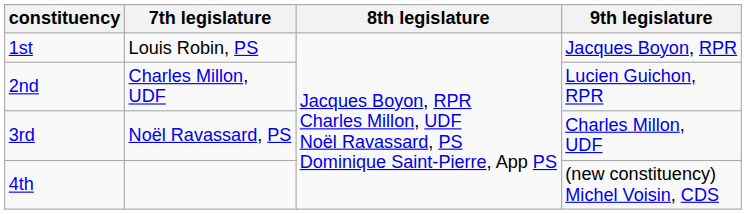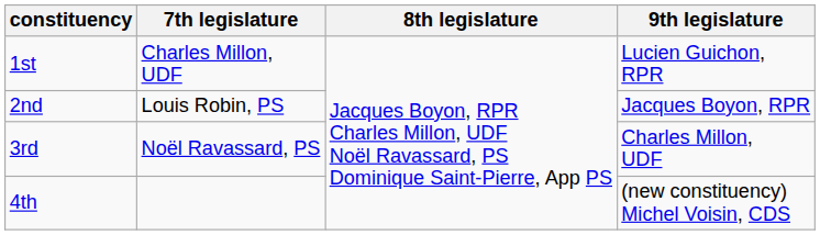 <table class="wikitable">
 <tr>
 <th>constituency</th>
 <th>7th legislature</th>
 <th>8th legislature</th>
 <th>9th legislature</th>
 </tr>
 <tr>
 <td><a href='#'>1st</a></td>
-<td>Louis Robin, <a href='#'>PS</a></td>
+<td><a href='#'>Charles Millon</a>,<br><a href='#'>UDF</a></td>
 <td rowspan=4><br><a href='#'>Jacques Boyon</a>, <a href='#'>RPR</a><br><a href='#'>Charles Millon</a>, <a href='#'>UDF</a><br><a href='#'>Noël Ravassard</a>, <a href='#'>PS</a><br><a href='#'>Dominique Saint-Pierre</a>, App <a href='#'>PS</a></td>
-<td><a href='#'>Jacques Boyon</a>, <a href='#'>RPR</a></td>
+<td><a href='#'>Lucien Guichon</a>,<br><a href='#'>RPR</a></td>
 </tr>
 <tr>
 <td><a href='#'>2nd</a></td>
-<td><a href='#'>Charles Millon</a>,<br><a href='#'>UDF</a></td>
-<td><a href='#'>Lucien Guichon</a>,<br><a href='#'>RPR</a></td>
+<td>Louis Robin, <a href='#'>PS</a></td>
+<td><a href='#'>Jacques Boyon</a>, <a href='#'>RPR</a></td>
 </tr>
 <tr>
 <td><a href='#'>3rd</a></td>
 <td><a href='#'>Noël Ravassard</a>, <a href='#'>PS</a></td>
 <td><a href='#'>Charles Millon</a>,<br><a href='#'>UDF</a></td>
 </tr>
 <tr>
 <td><a href='#'>4th</a></td>
 <td></td>
 <td>(new constituency)<br><a href='#'>Michel Voisin</a>, <a href='#'>CDS</a></td>
 </tr>
 </table>
